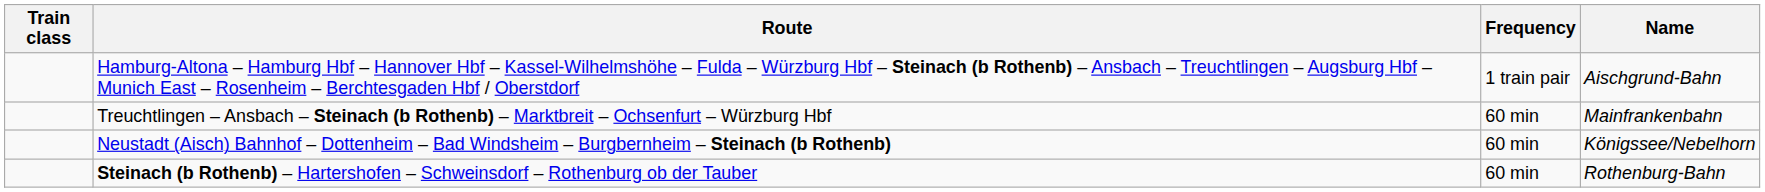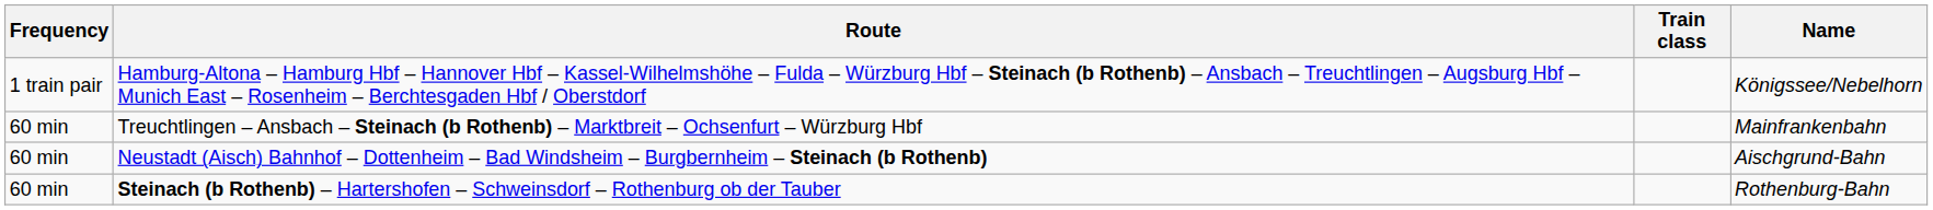 <table class="wikitable">
 <tr>
+<th>Frequency</th>
+<th>Route</th>
 <th>Train class</th>
-<th>Route</th>
-<th>Frequency</th>
 <th>Name</th>
 </tr>
 <tr>
+<td>1 train pair</td>
+<td><a href='#'>Hamburg-Altona</a> – <a href='#'>Hamburg Hbf</a> – <a href='#'>Hannover Hbf</a> – <a href='#'>Kassel-Wilhelmshöhe</a> – <a href='#'>Fulda</a> – <a href='#'>Würzburg Hbf</a> – <strong>Steinach (b Rothenb)</strong> – <a href='#'>Ansbach</a> – <a href='#'>Treuchtlingen</a> – <a href='#'>Augsburg Hbf</a> – <a href='#'>Munich East</a> – <a href='#'>Rosenheim</a> – <a href='#'>Berchtesgaden Hbf</a> / <a href='#'>Oberstdorf</a></td>
 <td></td>
-<td><a href='#'>Hamburg-Altona</a> – <a href='#'>Hamburg Hbf</a> – <a href='#'>Hannover Hbf</a> – <a href='#'>Kassel-Wilhelmshöhe</a> – <a href='#'>Fulda</a> – <a href='#'>Würzburg Hbf</a> – <strong>Steinach (b Rothenb)</strong> – <a href='#'>Ansbach</a> – <a href='#'>Treuchtlingen</a> – <a href='#'>Augsburg Hbf</a> – <a href='#'>Munich East</a> – <a href='#'>Rosenheim</a> – <a href='#'>Berchtesgaden Hbf</a> / <a href='#'>Oberstdorf</a></td>
-<td>1 train pair</td>
+<td><em>Königssee/Nebelhorn</em></td>
+</tr>
+<tr>
+<td>60 min</td>
+<td>Treuchtlingen – Ansbach – <strong>Steinach (b Rothenb)</strong> – <a href='#'>Marktbreit</a> – <a href='#'>Ochsenfurt</a> – Würzburg Hbf</td>
+<td></td>
+<td><em>Mainfrankenbahn</em></td>
+</tr>
+<tr>
+<td>60 min</td>
+<td><a href='#'>Neustadt (Aisch) Bahnhof</a> – <a href='#'>Dottenheim</a> – <a href='#'>Bad Windsheim</a> – <a href='#'>Burgbernheim</a> – <strong>Steinach (b Rothenb)</strong></td>
+<td></td>
 <td><em>Aischgrund-Bahn</em></td>
 </tr>
 <tr>
+<td>60 min</td>
+<td><strong>Steinach (b Rothenb)</strong> – <a href='#'>Hartershofen</a> – <a href='#'>Schweinsdorf</a> – <a href='#'>Rothenburg ob der Tauber</a></td>
 <td></td>
-<td>Treuchtlingen – Ansbach – <strong>Steinach (b Rothenb)</strong> – <a href='#'>Marktbreit</a> – <a href='#'>Ochsenfurt</a> – Würzburg Hbf</td>
-<td>60 min</td>
-<td><em>Mainfrankenbahn</em></td>
-</tr>
-<tr>
-<td></td>
-<td><a href='#'>Neustadt (Aisch) Bahnhof</a> – <a href='#'>Dottenheim</a> – <a href='#'>Bad Windsheim</a> – <a href='#'>Burgbernheim</a> – <strong>Steinach (b Rothenb)</strong></td>
-<td>60 min</td>
-<td><em>Königssee/Nebelhorn</em></td>
-</tr>
-<tr>
-<td></td>
-<td><strong>Steinach (b Rothenb)</strong> – <a href='#'>Hartershofen</a> – <a href='#'>Schweinsdorf</a> – <a href='#'>Rothenburg ob der Tauber</a></td>
-<td>60 min</td>
 <td><em>Rothenburg-Bahn</em></td>
 </tr>
 </table>
